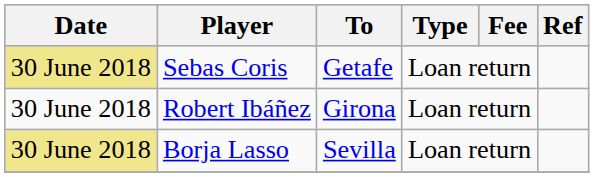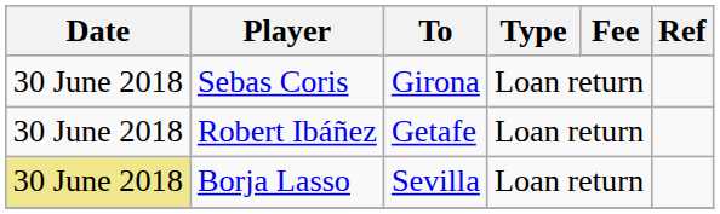 <table class="wikitable">
 <tr>
 <th>Date</th>
 <th>Player</th>
 <th>To</th>
 <th>Type</th>
 <th>Fee</th>
 <th>Ref</th>
 </tr>
 <tr>
-<td style="background: khaki;">30 June 2018</td>
+<td>30 June 2018</td>
 <td> <a href='#'>Sebas Coris</a></td>
-<td> <a href='#'>Getafe</a></td>
+<td> <a href='#'>Girona</a></td>
 <td colspan=2>Loan return</td>
 <td></td>
 </tr>
 <tr>
 <td>30 June 2018</td>
 <td> <a href='#'>Robert Ibáñez</a></td>
-<td> <a href='#'>Girona</a></td>
+<td> <a href='#'>Getafe</a></td>
 <td colspan=2>Loan return</td>
 <td></td>
 </tr>
 <tr>
 <td style="background: khaki;">30 June 2018</td>
 <td> <a href='#'>Borja Lasso</a></td>
 <td> <a href='#'>Sevilla</a></td>
 <td colspan=2>Loan return</td>
 <td></td>
 </tr>
 <tr>
 </tr>
 </table>
